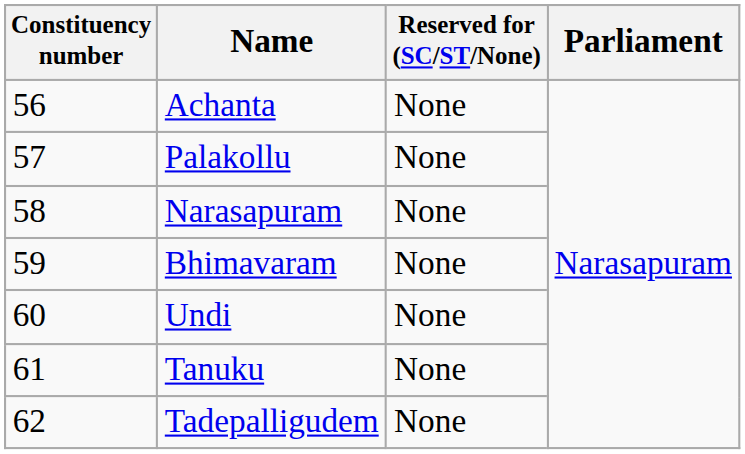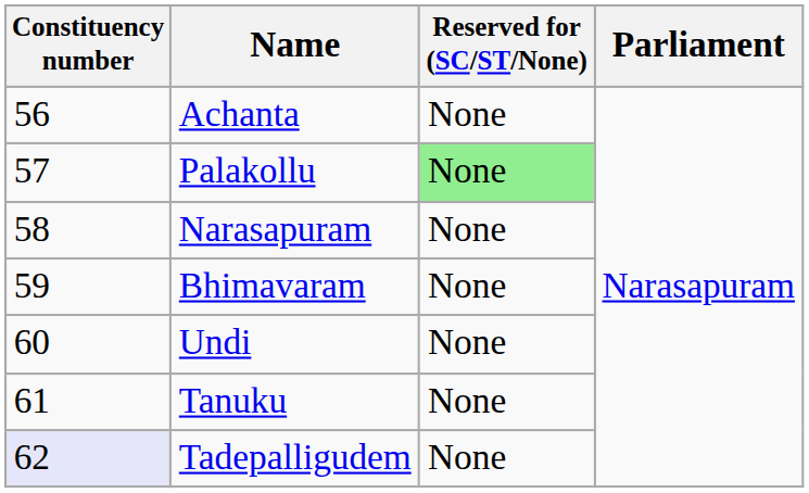 <table class="wikitable sortable">
 <tr>
 <th width="50px" style="font-size:75%">Constituency number</th>
 <th>Name</th>
 <th style="font-size:75%">Reserved for<br>(<a href='#'>SC</a>/<a href='#'>ST</a>/None)</th>
 <th>Parliament</th>
 </tr>
 <tr>
 <td>56</td>
 <td><a href='#'>Achanta</a></td>
 <td>None</td>
 <td rowspan="7"><a href='#'>Narasapuram</a></td>
 </tr>
 <tr>
 <td>57</td>
 <td><a href='#'>Palakollu</a></td>
-<td>None</td>
+<td style="background: lightgreen;">None</td>
 </tr>
 <tr>
 <td>58</td>
 <td><a href='#'>Narasapuram</a></td>
 <td>None</td>
 </tr>
 <tr>
 <td>59</td>
 <td><a href='#'>Bhimavaram</a></td>
 <td>None</td>
 </tr>
 <tr>
 <td>60</td>
 <td><a href='#'>Undi</a></td>
 <td>None</td>
 </tr>
 <tr>
 <td>61</td>
 <td><a href='#'>Tanuku</a></td>
 <td>None</td>
 </tr>
 <tr>
-<td>62</td>
+<td style="background: lavender;">62</td>
 <td><a href='#'>Tadepalligudem</a></td>
 <td>None</td>
 </tr>
 </table>
